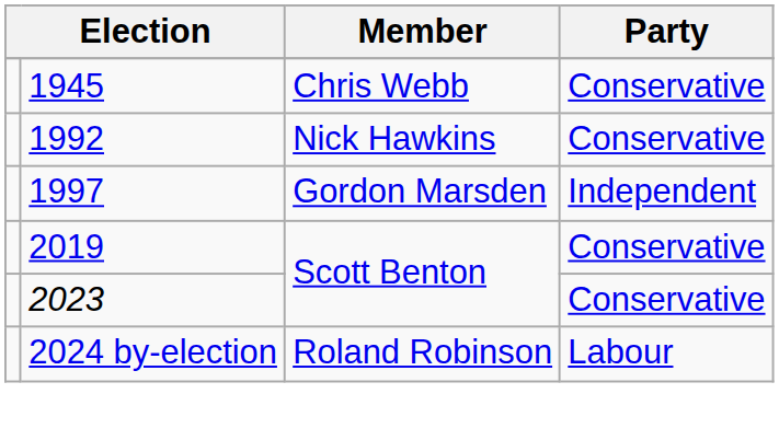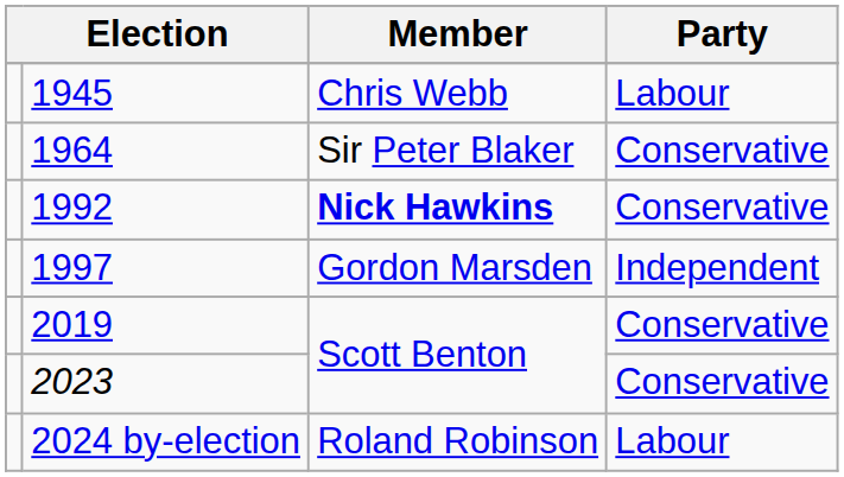 <table class="wikitable">
 <tr>
 <th colspan="2">Election</th>
 <th>Member</th>
 <th>Party</th>
 </tr>
 <tr>
 </tr>
 <tr>
 <td style="color:inherit;background-color: "></td>
 <td><a href='#'>1945</a></td>
 <td><a href='#'>Chris Webb</a></td>
+<td><a href='#'>Labour</a></td>
+</tr>
+<tr>
+<td style="color:inherit;background-color: "></td>
+<td><a href='#'>1964</a></td>
+<td>Sir <a href='#'>Peter Blaker</a></td>
 <td><a href='#'>Conservative</a></td>
 </tr>
 <tr>
 <td style="color:inherit;background-color: "></td>
 <td><a href='#'>1992</a></td>
-<td><a href='#'>Nick Hawkins</a></td>
+<td><strong><a href='#'>Nick Hawkins</a></strong></td>
 <td><a href='#'>Conservative</a></td>
 </tr>
 <tr>
 <td style="color:inherit;background-color: "></td>
 <td><a href='#'>1997</a></td>
 <td><a href='#'>Gordon Marsden</a></td>
 <td><a href='#'>Independent</a></td>
 </tr>
 <tr>
 <td style="color:inherit;background-color: "></td>
 <td><a href='#'>2019</a></td>
 <td rowspan=2><a href='#'>Scott Benton</a></td>
 <td><a href='#'>Conservative</a></td>
 </tr>
 <tr>
 <td style="color:inherit;background-color: "></td>
 <td><em>2023</em></td>
 <td><a href='#'>Conservative</a></td>
 </tr>
 <tr>
 <td style="color:inherit;background-color: "></td>
 <td><a href='#'>2024 by-election</a></td>
 <td><a href='#'>Roland Robinson</a></td>
 <td><a href='#'>Labour</a></td>
 </tr>
 </table>
